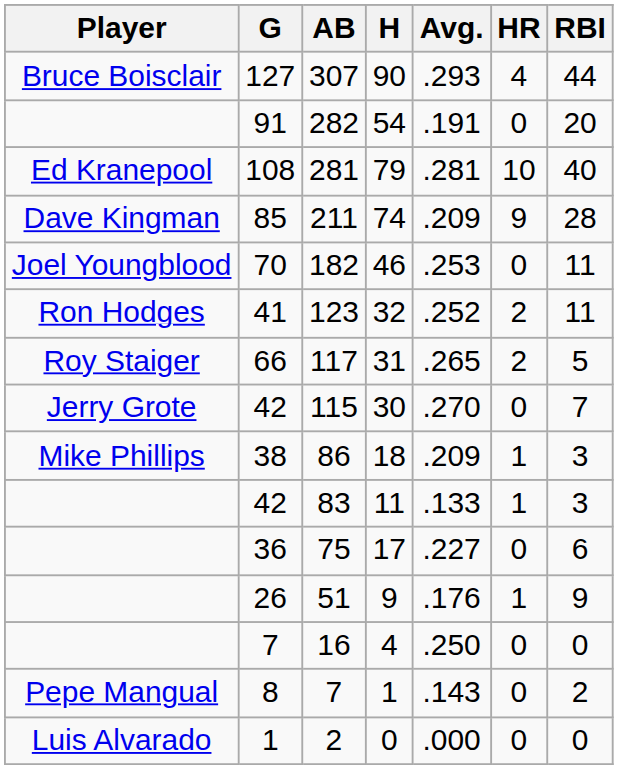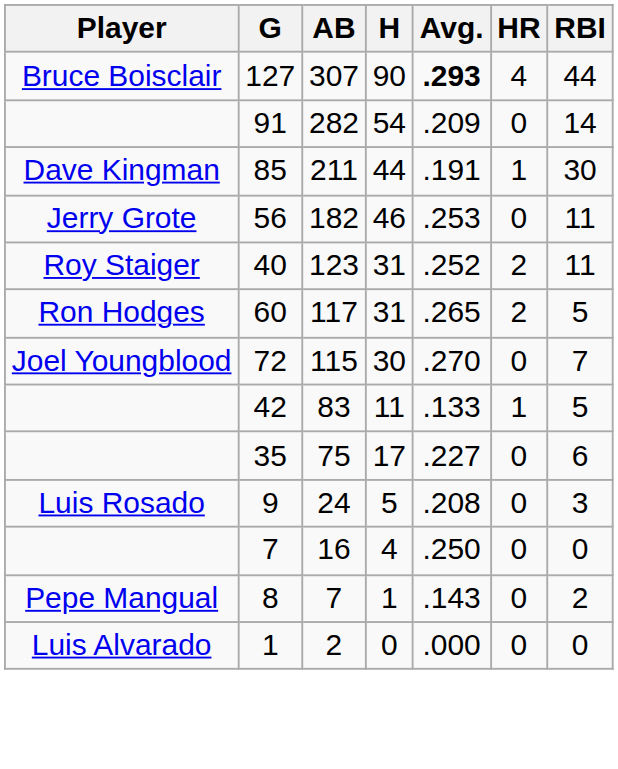 <table class="wikitable sortable">
 <tr>
 <th>Player</th>
 <th>G</th>
 <th>AB</th>
 <th>H</th>
 <th>Avg.</th>
 <th>HR</th>
 <th>RBI</th>
 </tr>
 <tr style="text-align:center;">
 <td><a href='#'>Bruce Boisclair</a></td>
 <td>127</td>
 <td>307</td>
 <td>90</td>
-<td>.293</td>
+<td><strong>.293</strong></td>
 <td>4</td>
 <td>44</td>
 </tr>
 <tr align=center>
 <td></td>
 <td>91</td>
 <td>282</td>
 <td>54</td>
-<td>.191</td>
+<td>.209</td>
 <td>0</td>
-<td>20</td>
-</tr>
-<tr style="text-align:center;">
-<td><a href='#'>Ed Kranepool</a></td>
-<td>108</td>
-<td>281</td>
-<td>79</td>
-<td>.281</td>
-<td>10</td>
-<td>40</td>
+<td>14</td>
 </tr>
 <tr align=center>
 <td><a href='#'>Dave Kingman</a></td>
 <td>85</td>
 <td>211</td>
-<td>74</td>
-<td>.209</td>
-<td>9</td>
-<td>28</td>
+<td>44</td>
+<td>.191</td>
+<td>1</td>
+<td>30</td>
 </tr>
 <tr align=center>
-<td><a href='#'>Joel Youngblood</a></td>
-<td>70</td>
+<td><a href='#'>Jerry Grote</a></td>
+<td>56</td>
 <td>182</td>
 <td>46</td>
 <td>.253</td>
 <td>0</td>
 <td>11</td>
 </tr>
 <tr align=center>
-<td><a href='#'>Ron Hodges</a></td>
-<td>41</td>
+<td><a href='#'>Roy Staiger</a></td>
+<td>40</td>
 <td>123</td>
-<td>32</td>
+<td>31</td>
 <td>.252</td>
 <td>2</td>
 <td>11</td>
 </tr>
 <tr align=center>
-<td><a href='#'>Roy Staiger</a></td>
-<td>66</td>
+<td><a href='#'>Ron Hodges</a></td>
+<td>60</td>
 <td>117</td>
 <td>31</td>
 <td>.265</td>
 <td>2</td>
 <td>5</td>
 </tr>
 <tr align=center>
-<td><a href='#'>Jerry Grote</a></td>
-<td>42</td>
+<td><a href='#'>Joel Youngblood</a></td>
+<td>72</td>
 <td>115</td>
 <td>30</td>
 <td>.270</td>
 <td>0</td>
 <td>7</td>
-</tr>
-<tr align=center>
-<td><a href='#'>Mike Phillips</a></td>
-<td>38</td>
-<td>86</td>
-<td>18</td>
-<td>.209</td>
-<td>1</td>
-<td>3</td>
 </tr>
 <tr align=center>
 <td></td>
 <td>42</td>
 <td>83</td>
 <td>11</td>
 <td>.133</td>
 <td>1</td>
-<td>3</td>
+<td>5</td>
 </tr>
 <tr style="text-align:center;">
 <td></td>
-<td>36</td>
+<td>35</td>
 <td>75</td>
 <td>17</td>
 <td>.227</td>
 <td>0</td>
 <td>6</td>
 </tr>
 <tr style="text-align:center;">
-<td></td>
-<td>26</td>
-<td>51</td>
+<td><a href='#'>Luis Rosado</a></td>
 <td>9</td>
-<td>.176</td>
-<td>1</td>
-<td>9</td>
+<td>24</td>
+<td>5</td>
+<td>.208</td>
+<td>0</td>
+<td>3</td>
 </tr>
 <tr align=center>
 <td></td>
 <td>7</td>
 <td>16</td>
 <td>4</td>
 <td>.250</td>
 <td>0</td>
 <td>0</td>
 </tr>
 <tr align=center>
 <td><a href='#'>Pepe Mangual</a></td>
 <td>8</td>
 <td>7</td>
 <td>1</td>
 <td>.143</td>
 <td>0</td>
 <td>2</td>
 </tr>
 <tr align=center>
 <td><a href='#'>Luis Alvarado</a></td>
 <td>1</td>
 <td>2</td>
 <td>0</td>
 <td>.000</td>
 <td>0</td>
 <td>0</td>
 </tr>
 </table>
